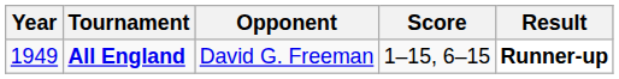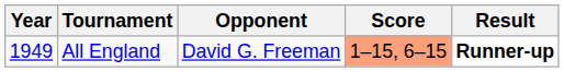 <table class="sortable wikitable" style="font-size: 90%;">
 <tr>
 <th>Year</th>
 <th>Tournament</th>
 <th>Opponent</th>
 <th>Score</th>
 <th>Result</th>
 </tr>
 <tr>
 <td align="center"><a href='#'>1949</a></td>
-<td><strong><a href='#'>All England</a></strong></td>
+<td><a href='#'>All England</a></td>
 <td> <a href='#'>David G. Freeman</a></td>
-<td>1–15, 6–15</td>
+<td style="background: lightsalmon;">1–15, 6–15</td>
 <td style="text-align:left; background:white"> <strong>Runner-up</strong></td>
 </tr>
 </table>
